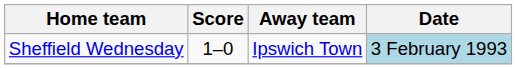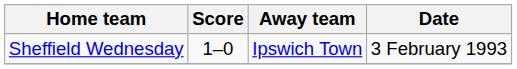 <table class="wikitable" style="text-align: center">
 <tr>
 <th>Home team</th>
 <th>Score</th>
 <th>Away team</th>
 <th>Date</th>
 </tr>
 <tr>
 <td><a href='#'>Sheffield Wednesday</a></td>
 <td>1–0</td>
 <td><a href='#'>Ipswich Town</a></td>
-<td style="background: lightblue;">3 February 1993</td>
+<td>3 February 1993</td>
 </tr>
 <tr>
 </tr>
 </table>
